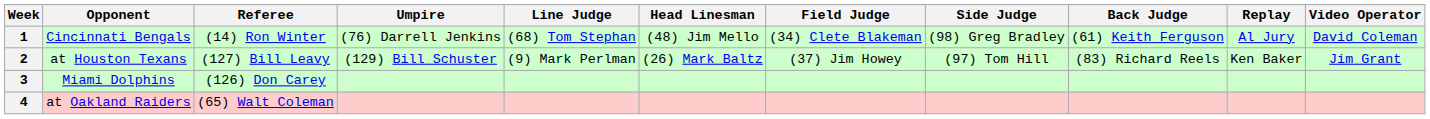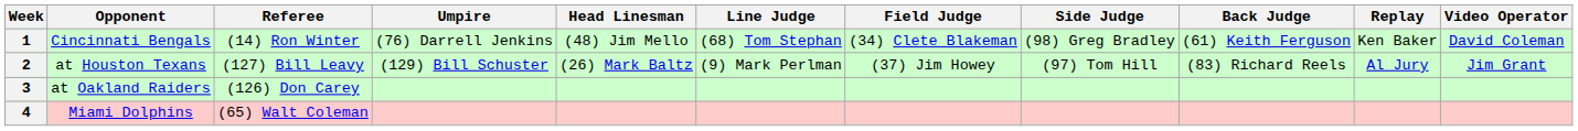 <table class="wikitable" style="text-align:center;">
 <tr>
 <th>Week</th>
 <th>Opponent</th>
 <th>Referee</th>
 <th>Umpire</th>
+<th>Head Linesman</th>
 <th>Line Judge</th>
-<th>Head Linesman</th>
 <th>Field Judge</th>
 <th>Side Judge</th>
 <th>Back Judge</th>
 <th>Replay</th>
 <th>Video Operator</th>
 </tr>
 <tr style="background:#cfc;">
 <th>1</th>
 <td><a href='#'>Cincinnati Bengals</a></td>
 <td>(14) <a href='#'>Ron Winter</a></td>
 <td>(76) Darrell Jenkins</td>
+<td>(48) Jim Mello</td>
 <td>(68) <a href='#'>Tom Stephan</a></td>
-<td>(48) Jim Mello</td>
 <td>(34) <a href='#'>Clete Blakeman</a></td>
 <td>(98) Greg Bradley</td>
 <td>(61) <a href='#'>Keith Ferguson</a></td>
-<td><a href='#'>Al Jury</a></td>
+<td>Ken Baker</td>
 <td><a href='#'>David Coleman</a></td>
 </tr>
 <tr style="background:#cfc;">
 <th>2</th>
 <td>at <a href='#'>Houston Texans</a></td>
 <td>(127) <a href='#'>Bill Leavy</a></td>
 <td>(129) <a href='#'>Bill Schuster</a></td>
+<td>(26) <a href='#'>Mark Baltz</a></td>
 <td>(9) Mark Perlman</td>
-<td>(26) <a href='#'>Mark Baltz</a></td>
 <td>(37) Jim Howey</td>
 <td>(97) Tom Hill</td>
 <td>(83) Richard Reels</td>
-<td>Ken Baker</td>
+<td><a href='#'>Al Jury</a></td>
 <td><a href='#'>Jim Grant</a></td>
 </tr>
 <tr style="background:#cfc;">
 <th>3</th>
-<td><a href='#'>Miami Dolphins</a></td>
+<td>at <a href='#'>Oakland Raiders</a></td>
 <td>(126) <a href='#'>Don Carey</a></td>
 <td></td>
 <td></td>
 <td></td>
 <td></td>
 <td></td>
 <td></td>
 <td></td>
 <td></td>
 </tr>
 <tr style="background:#fcc;">
 <th>4</th>
-<td>at <a href='#'>Oakland Raiders</a></td>
+<td><a href='#'>Miami Dolphins</a></td>
 <td>(65) <a href='#'>Walt Coleman</a></td>
 <td></td>
 <td></td>
 <td></td>
 <td></td>
 <td></td>
 <td></td>
 <td></td>
 <td></td>
 </tr>
 </table>
